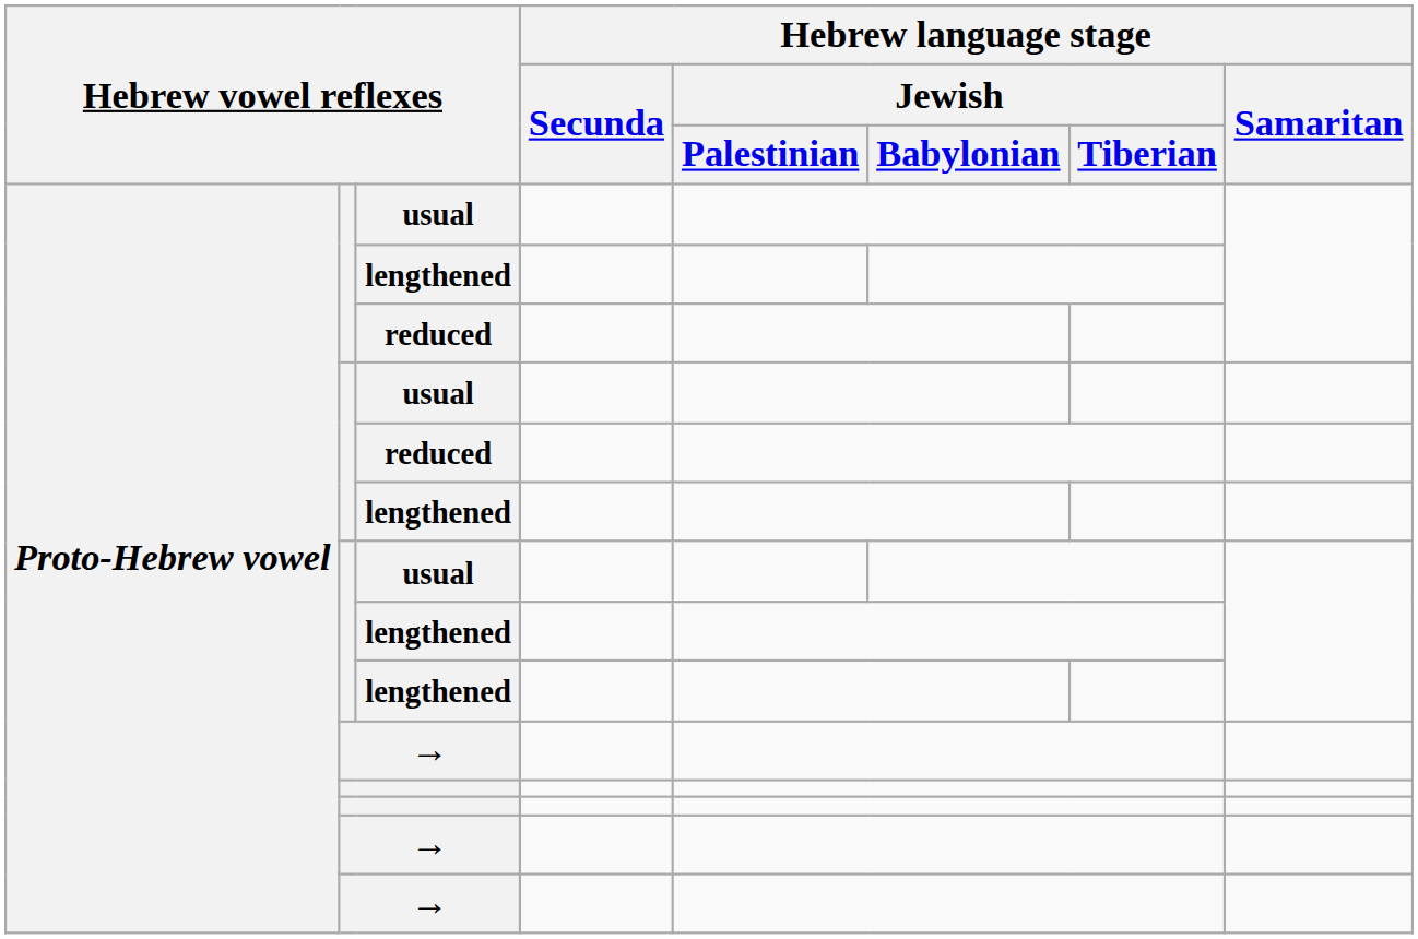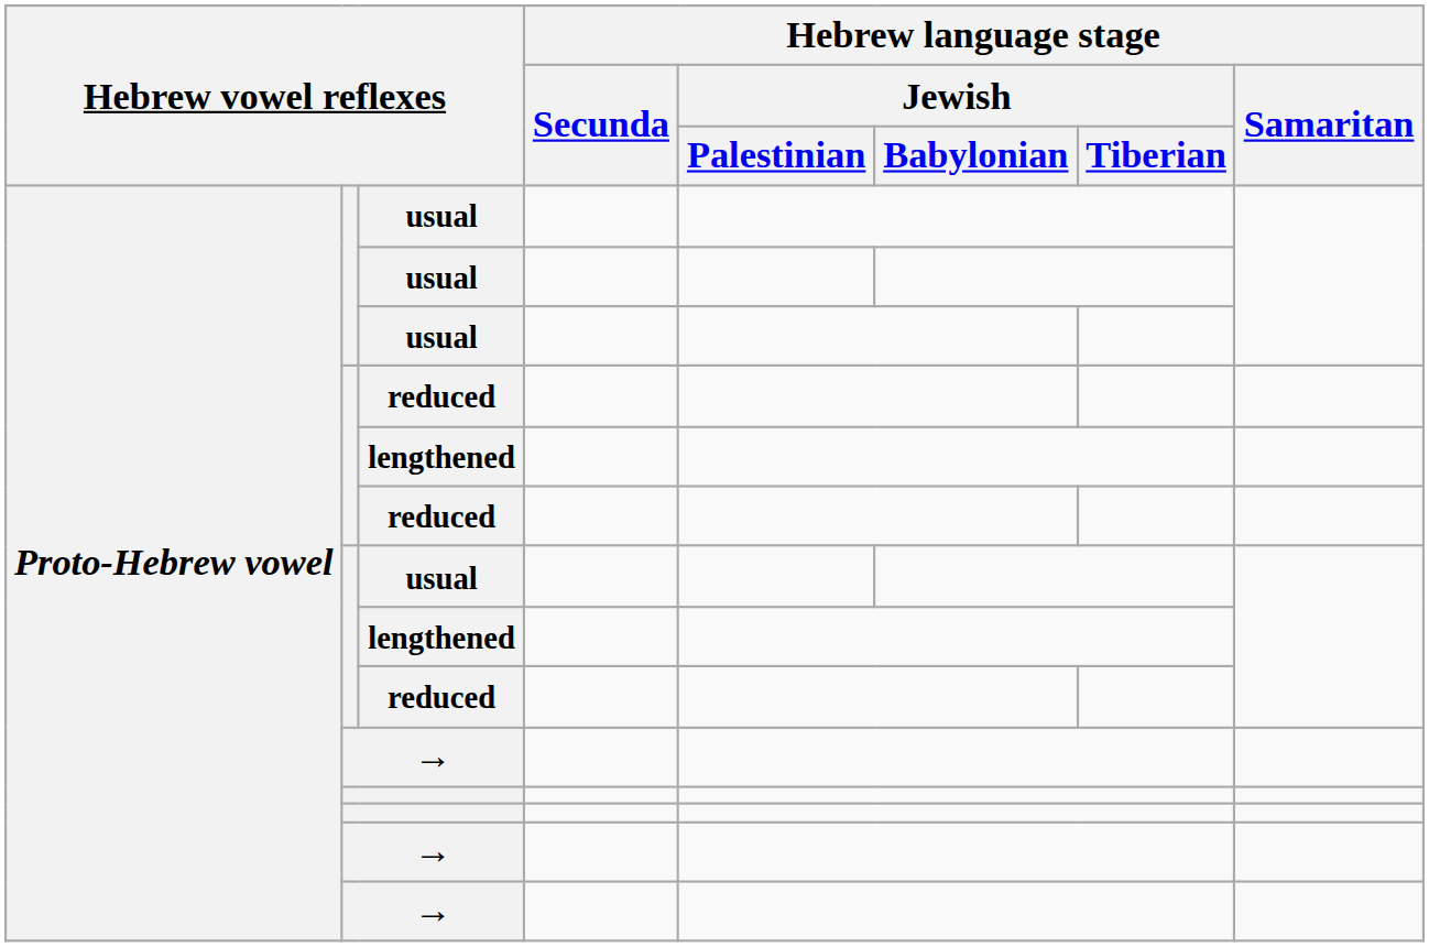 <table class="wikitable mw-collapsible">
 <tr>
 <th colspan="3" rowspan="3"><u>Hebrew vowel reflexes</u></th>
 <th colspan="5">Hebrew language stage</th>
 </tr>
 <tr>
 <th rowspan="2"><a href='#'>Secunda</a></th>
 <th colspan="3">Jewish</th>
 <th rowspan="2"><a href='#'>Samaritan</a></th>
 </tr>
 <tr>
 <th><a href='#'>Palestinian</a></th>
 <th><a href='#'>Babylonian</a></th>
 <th><a href='#'>Tiberian</a></th>
 </tr>
 <tr>
 <th rowspan="14"><em>Proto-Hebrew vowel</em></th>
 <th rowspan="3"></th>
 <th><small>usual</small></th>
 <td></td>
 <td colspan="3"></td>
 <td rowspan="3"></td>
 </tr>
 <tr>
-<th><small>lengthened</small></th>
+<th><small>usual</small></th>
 <td></td>
 <td></td>
 <td colspan="2"></td>
 </tr>
 <tr>
-<th><small>reduced</small></th>
+<th><small>usual</small></th>
 <td></td>
 <td colspan="2"></td>
 <td></td>
 </tr>
 <tr>
 <th rowspan="3"></th>
-<th><small>usual</small></th>
+<th><small>reduced</small></th>
 <td></td>
 <td colspan="2"></td>
 <td></td>
 <td></td>
 </tr>
 <tr>
-<th><small>reduced</small></th>
+<th><small>lengthened</small></th>
 <td></td>
 <td colspan="3"></td>
 <td></td>
 </tr>
 <tr>
-<th><small>lengthened</small></th>
+<th><small>reduced</small></th>
 <td></td>
 <td colspan="2"></td>
 <td></td>
 <td></td>
 </tr>
 <tr>
 <th rowspan="3"></th>
 <th><small>usual</small></th>
 <td></td>
 <td></td>
 <td colspan="2"></td>
 <td rowspan="3"></td>
 </tr>
 <tr>
 <th><small>lengthened</small></th>
 <td></td>
 <td colspan="3"></td>
 </tr>
 <tr>
-<th><small>lengthened</small></th>
+<th><small>reduced</small></th>
 <td></td>
 <td colspan="2"></td>
 <td></td>
 </tr>
 <tr>
 <th colspan="2">→</th>
 <td></td>
 <td colspan="3"></td>
 <td></td>
 </tr>
 <tr>
 <th colspan="2"></th>
 <td></td>
 <td colspan="3"></td>
 <td></td>
 </tr>
 <tr>
 <th colspan="2"></th>
 <td></td>
 <td colspan="3"></td>
 <td></td>
 </tr>
 <tr>
 <th colspan="2">→</th>
 <td></td>
 <td colspan="3"></td>
 <td></td>
 </tr>
 <tr>
 <th colspan="2">→</th>
 <td></td>
 <td colspan="3"></td>
 <td></td>
 </tr>
 </table>
